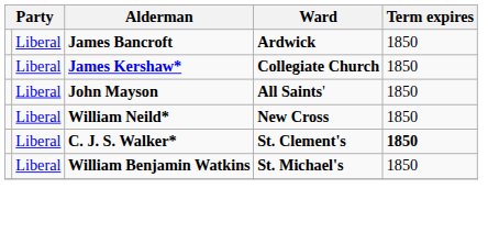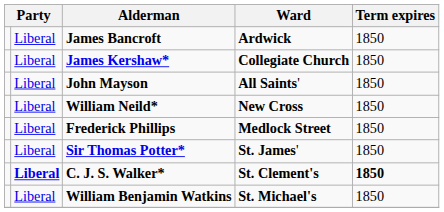 <table class="wikitable">
 <tr>
 <th colspan="2">Party</th>
 <th>Alderman</th>
 <th>Ward</th>
 <th>Term expires</th>
 </tr>
 <tr>
 <td style="background-color:"></td>
 <td><a href='#'>Liberal</a></td>
 <td><strong>James Bancroft</strong></td>
 <td><strong>Ardwick</strong></td>
 <td>1850</td>
 </tr>
 <tr>
 <td style="background-color:"></td>
 <td><a href='#'>Liberal</a></td>
 <td><strong><a href='#'>James Kershaw*</a></strong></td>
 <td><strong>Collegiate Church</strong></td>
 <td>1850</td>
 </tr>
 <tr>
 <td style="background-color:"></td>
 <td><a href='#'>Liberal</a></td>
 <td><strong>John Mayson</strong></td>
 <td><strong>All Saints</strong>'</td>
 <td>1850</td>
 </tr>
 <tr>
 <td style="background-color:"></td>
 <td><a href='#'>Liberal</a></td>
 <td><strong>William Neild*</strong></td>
 <td><strong>New Cross</strong></td>
 <td>1850</td>
 </tr>
 <tr>
 <td style="background-color:"></td>
 <td><a href='#'>Liberal</a></td>
+<td><strong>Frederick Phillips</strong></td>
+<td><strong>Medlock Street</strong></td>
+<td>1850</td>
+</tr>
+<tr>
+<td style="background-color:"></td>
+<td><a href='#'>Liberal</a></td>
+<td><strong><a href='#'>Sir Thomas Potter*</a></strong></td>
+<td><strong>St. James</strong>'</td>
+<td>1850</td>
+</tr>
+<tr>
+<td style="background-color:"></td>
+<td><strong><a href='#'>Liberal</a></strong></td>
 <td><strong>C. J. S. Walker*</strong></td>
 <td><strong>St. Clement's</strong></td>
 <td><strong>1850</strong></td>
 </tr>
 <tr>
 <td style="background-color:"></td>
 <td><a href='#'>Liberal</a></td>
 <td><strong>William Benjamin Watkins</strong></td>
 <td><strong>St. Michael's</strong></td>
 <td>1850</td>
 </tr>
 <tr>
 </tr>
 </table>
